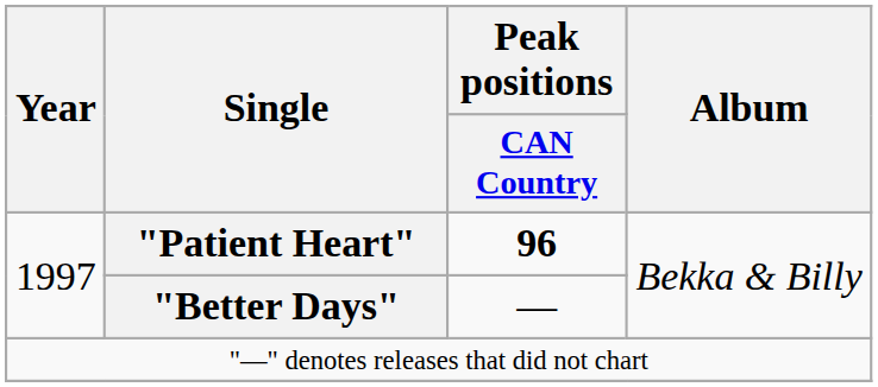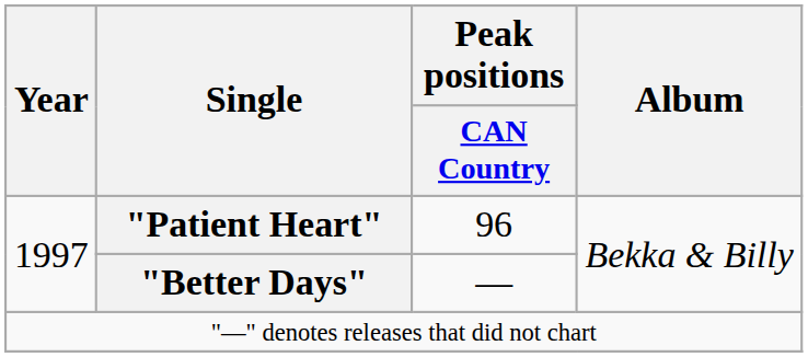 <table class="wikitable plainrowheaders" style="text-align:center;">
 <tr>
 <th rowspan="2">Year</th>
 <th rowspan="2" style="width:8em;">Single</th>
 <th colspan="1">Peak positions</th>
 <th rowspan="2">Album</th>
 </tr>
 <tr style="font-size:smaller;">
 <th width="65"><a href='#'>CAN Country</a><br></th>
 </tr>
 <tr>
 <td rowspan="2">1997</td>
 <th scope="row">"Patient Heart"</th>
-<td><strong>96</strong></td>
+<td>96</td>
 <td align="left" rowspan="2"><em>Bekka & Billy</em></td>
 </tr>
 <tr>
 <th scope="row">"Better Days"</th>
 <td>—</td>
 </tr>
 <tr>
 <td colspan="10" style="font-size:8pt">"—" denotes releases that did not chart</td>
 </tr>
 <tr>
 </tr>
 </table>
